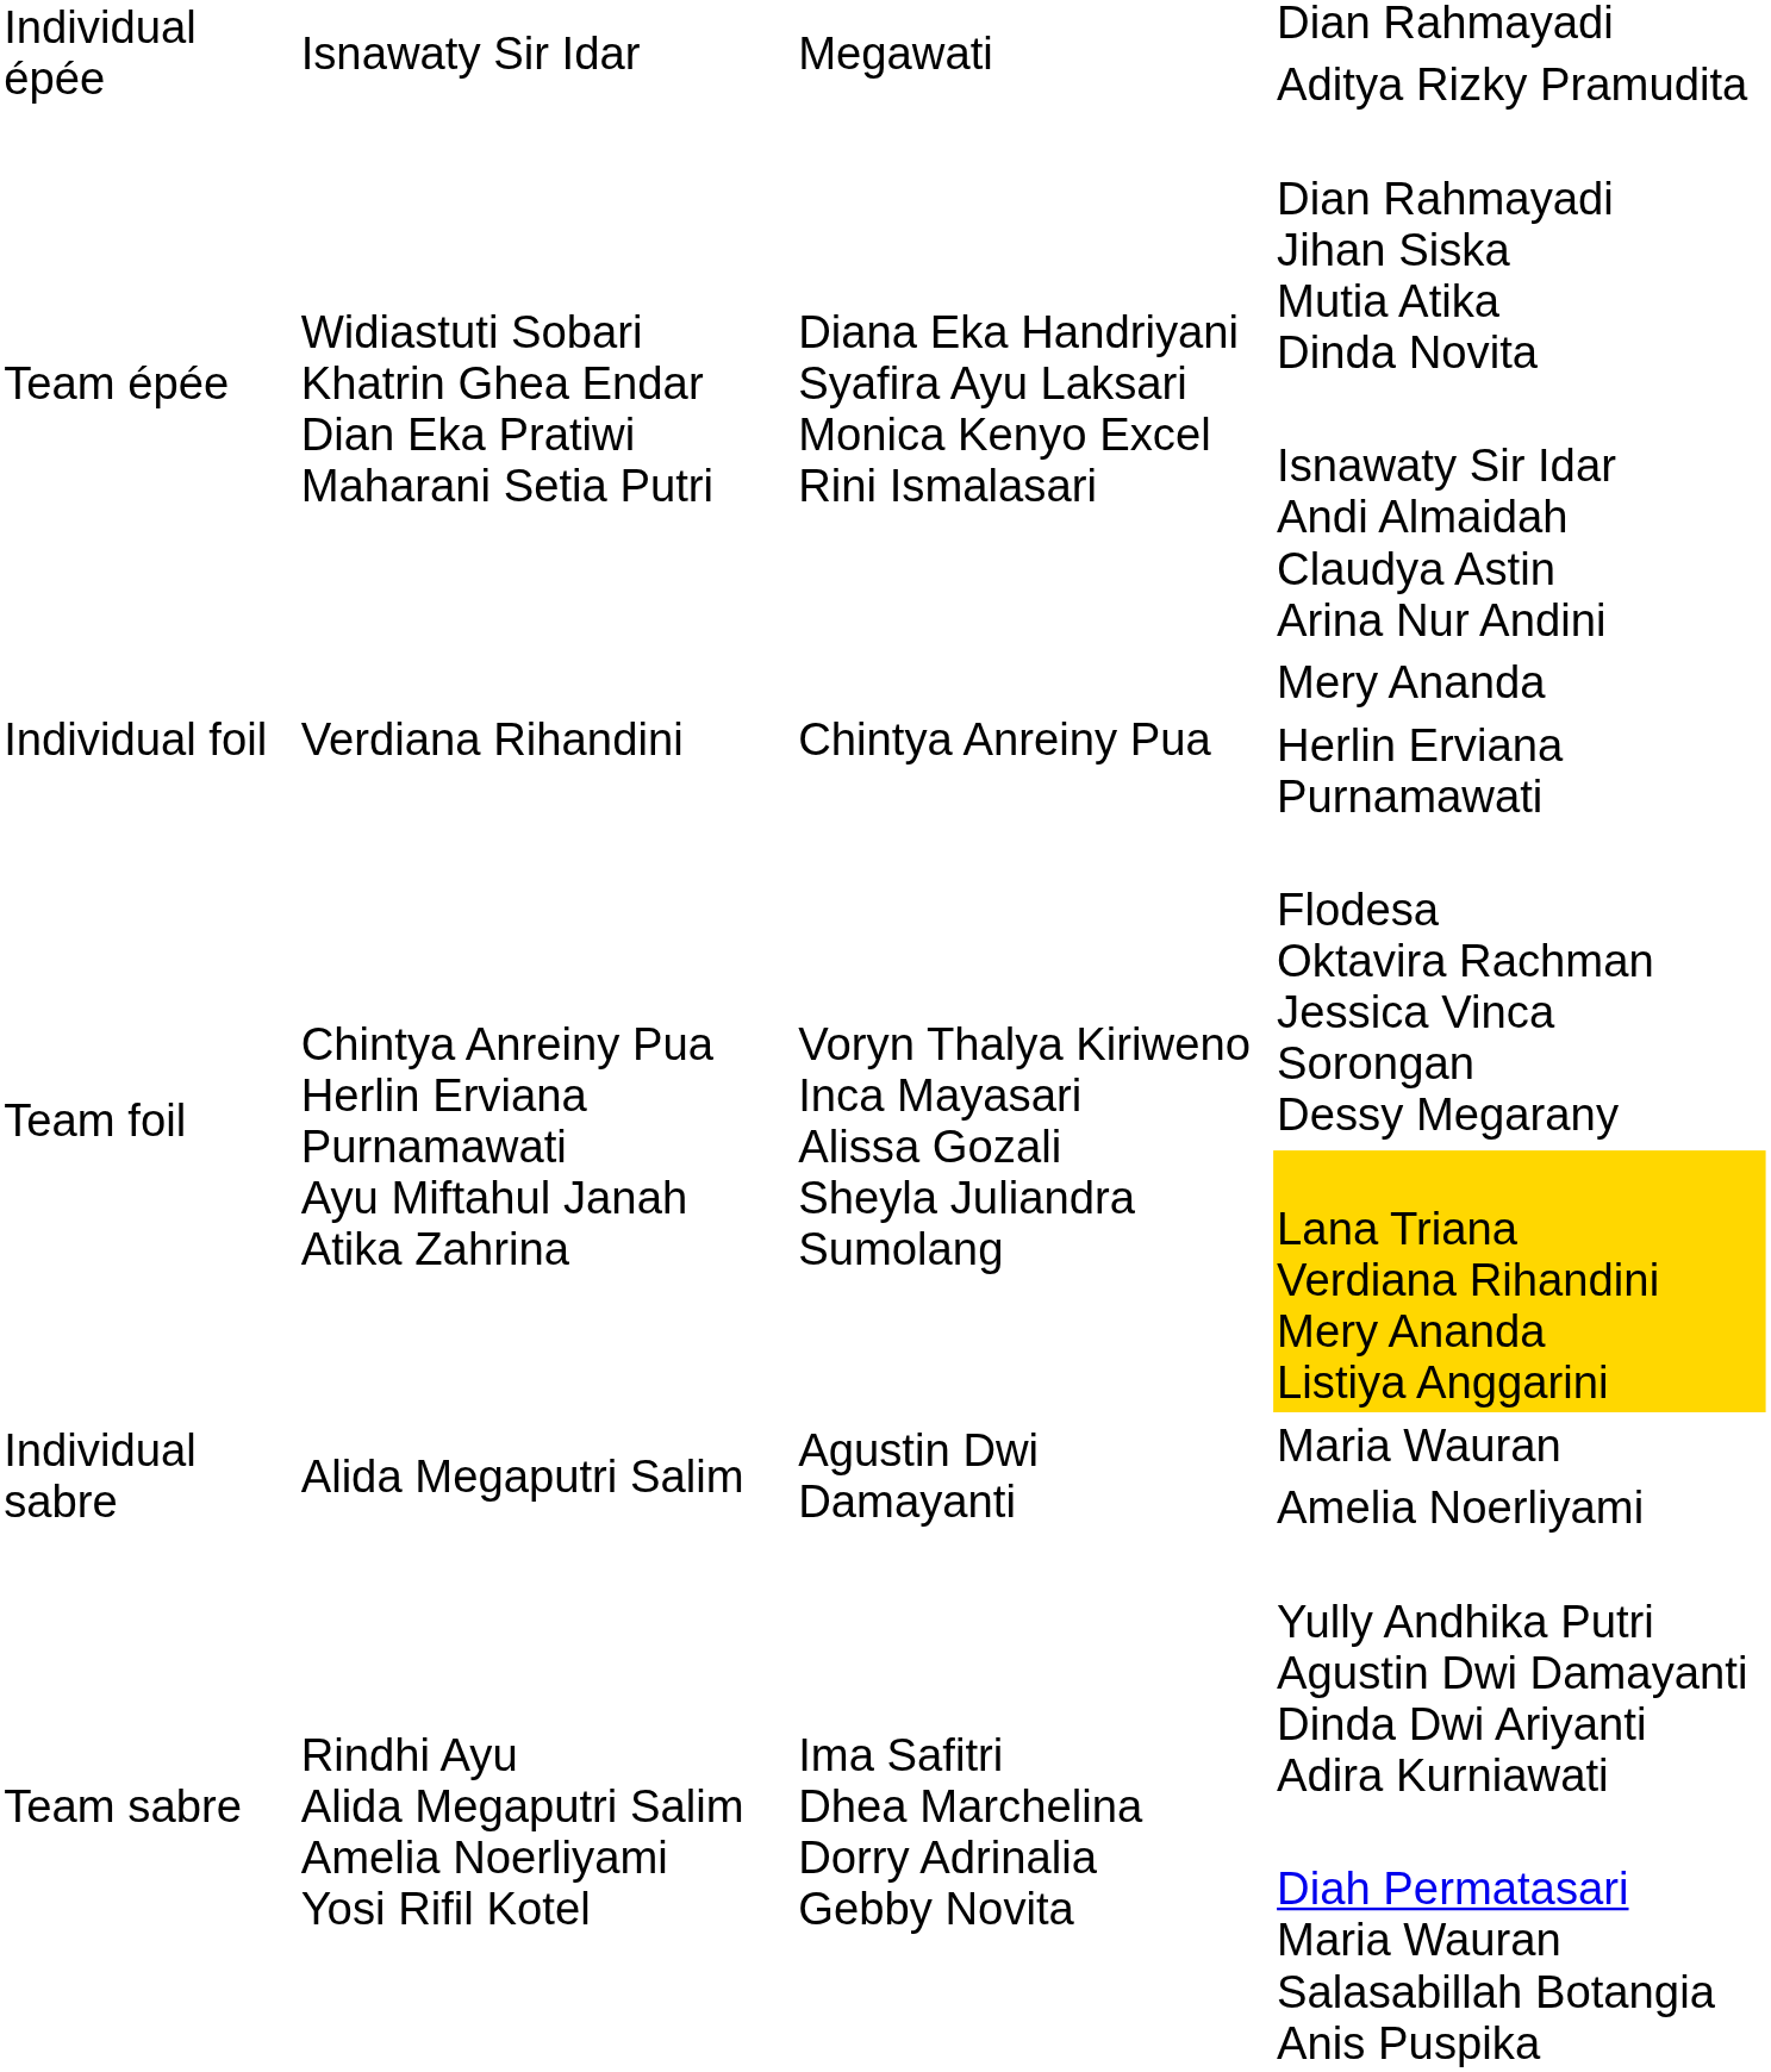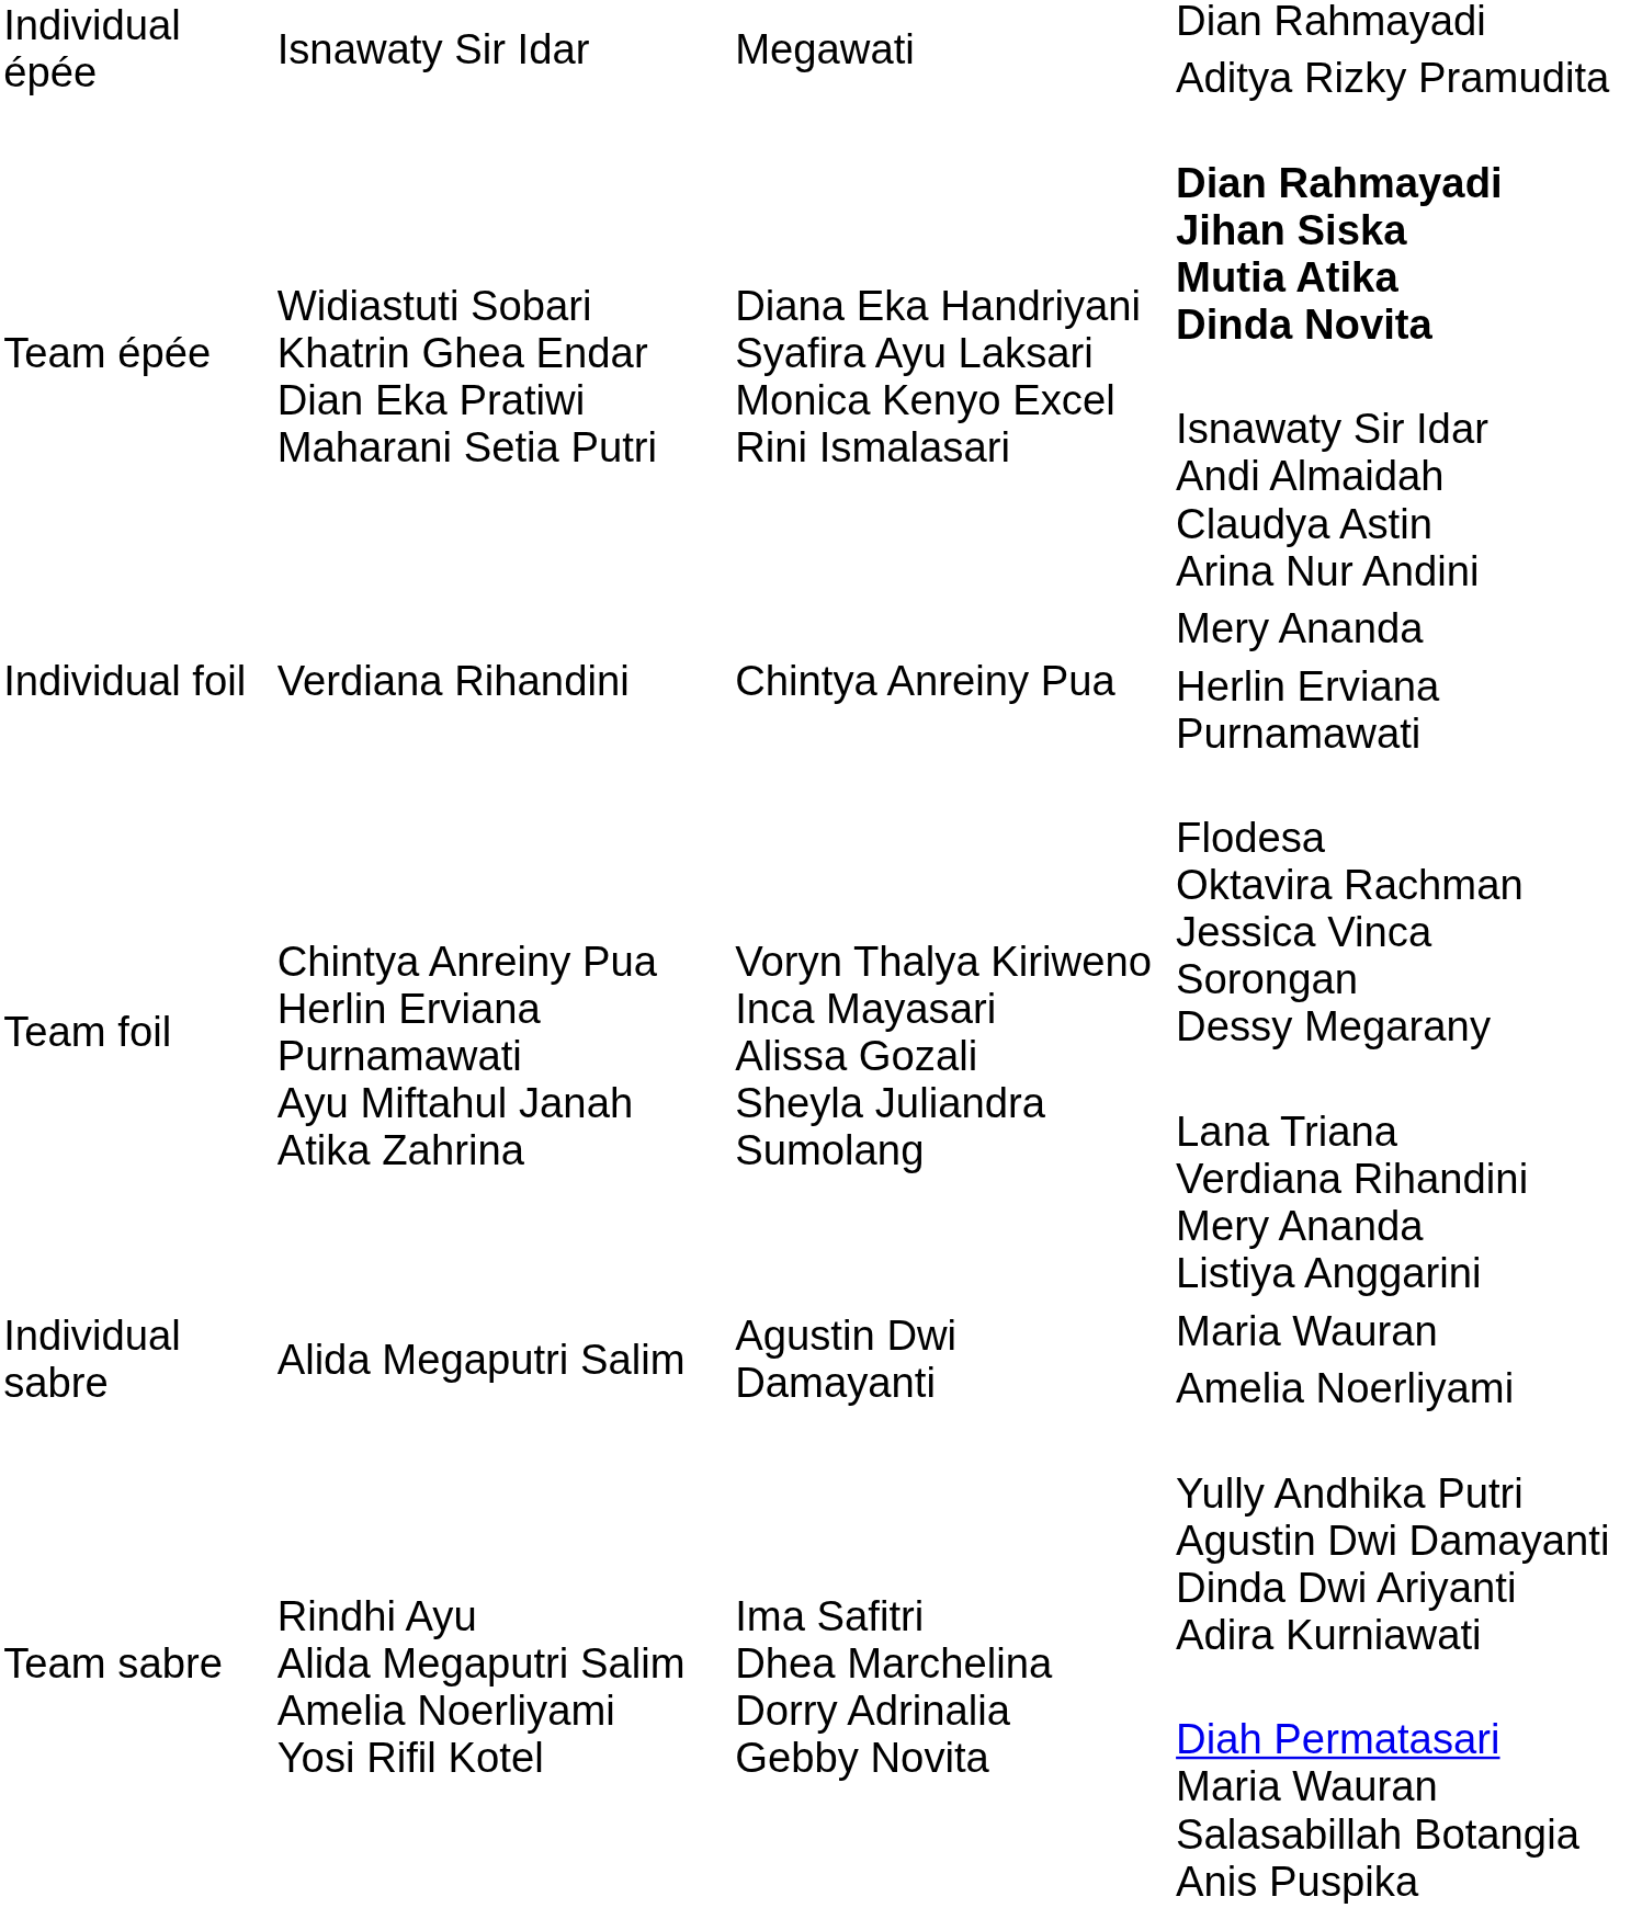 <table>
 <tr>
 <td rowspan=2>Individual épée</td>
 <td rowspan=2>Isnawaty Sir Idar<br></td>
 <td rowspan=2>Megawati<br></td>
 <td>Dian Rahmayadi<br></td>
 </tr>
 <tr>
 <td>Aditya Rizky Pramudita<br></td>
 </tr>
 <tr>
 <td rowspan=2>Team épée</td>
 <td rowspan=2><br>Widiastuti Sobari<br>Khatrin Ghea Endar<br>Dian Eka Pratiwi<br>Maharani Setia Putri</td>
 <td rowspan=2><br>Diana Eka Handriyani<br>Syafira Ayu Laksari<br>Monica Kenyo Excel<br>Rini Ismalasari</td>
-<td><br>Dian Rahmayadi<br>Jihan Siska<br>Mutia Atika<br>Dinda Novita</td>
+<td><strong><br>Dian Rahmayadi<br>Jihan Siska<br>Mutia Atika<br>Dinda Novita</strong></td>
 </tr>
 <tr>
 <td><br>Isnawaty Sir Idar<br>Andi Almaidah<br>Claudya Astin<br>Arina Nur Andini</td>
 </tr>
 <tr>
 <td rowspan=2>Individual foil</td>
 <td rowspan=2>Verdiana Rihandini<br></td>
 <td rowspan=2>Chintya Anreiny Pua<br></td>
 <td>Mery Ananda<br></td>
 </tr>
 <tr>
 <td>Herlin Erviana Purnamawati<br></td>
 </tr>
 <tr>
 <td rowspan=2>Team foil</td>
 <td rowspan=2><br>Chintya Anreiny Pua<br>Herlin Erviana Purnamawati<br>Ayu Miftahul Janah<br>Atika Zahrina</td>
 <td rowspan=2><br>Voryn Thalya Kiriweno<br>Inca Mayasari<br>Alissa Gozali<br>Sheyla Juliandra Sumolang</td>
 <td><br>Flodesa<br>Oktavira Rachman<br>Jessica Vinca Sorongan<br>Dessy Megarany</td>
 </tr>
 <tr>
-<td style="background: gold;"><br>Lana Triana<br>Verdiana Rihandini<br>Mery Ananda<br>Listiya Anggarini</td>
+<td><br>Lana Triana<br>Verdiana Rihandini<br>Mery Ananda<br>Listiya Anggarini</td>
 </tr>
 <tr>
 <td rowspan=2>Individual sabre</td>
 <td rowspan=2>Alida Megaputri Salim<br></td>
 <td rowspan=2>Agustin Dwi Damayanti<br></td>
 <td>Maria Wauran<br></td>
 </tr>
 <tr>
 <td>Amelia Noerliyami<br></td>
 </tr>
 <tr>
 <td rowspan=2>Team sabre</td>
 <td rowspan=2><br>Rindhi Ayu<br>Alida Megaputri Salim<br>Amelia Noerliyami<br>Yosi Rifil Kotel</td>
 <td rowspan=2><br>Ima Safitri<br>Dhea Marchelina<br>Dorry Adrinalia<br>Gebby Novita</td>
 <td><br>Yully Andhika Putri<br>Agustin Dwi Damayanti<br>Dinda Dwi Ariyanti<br>Adira Kurniawati</td>
 </tr>
 <tr>
 <td><br><a href='#'>Diah Permatasari</a><br>Maria Wauran<br>Salasabillah Botangia<br>Anis Puspika</td>
 </tr>
 </table>
